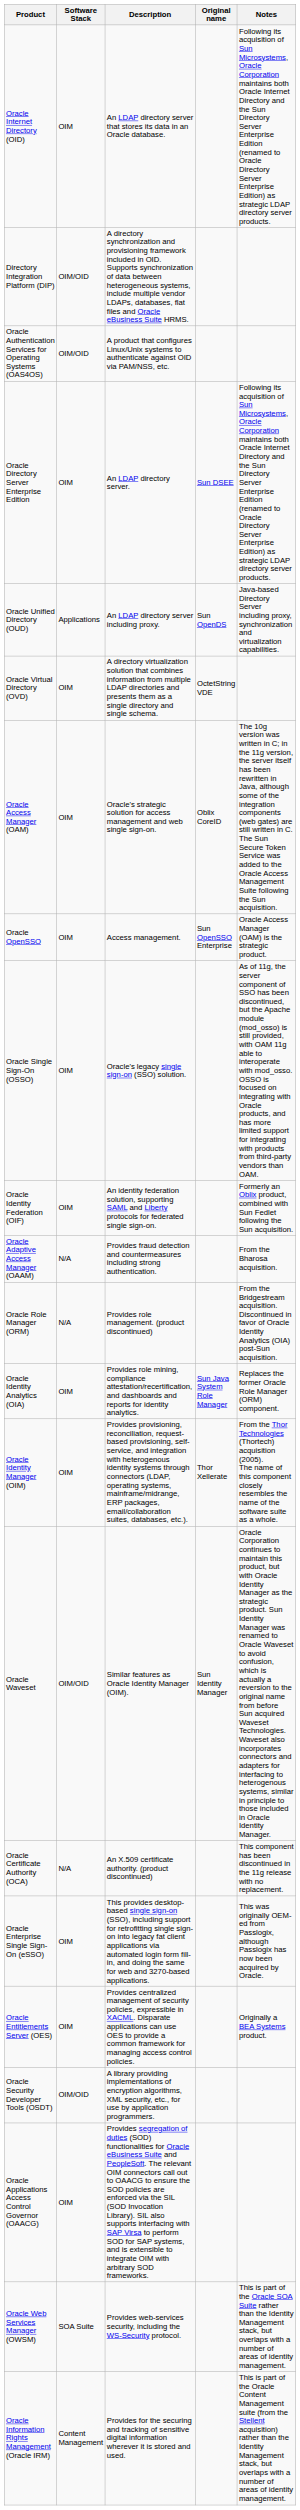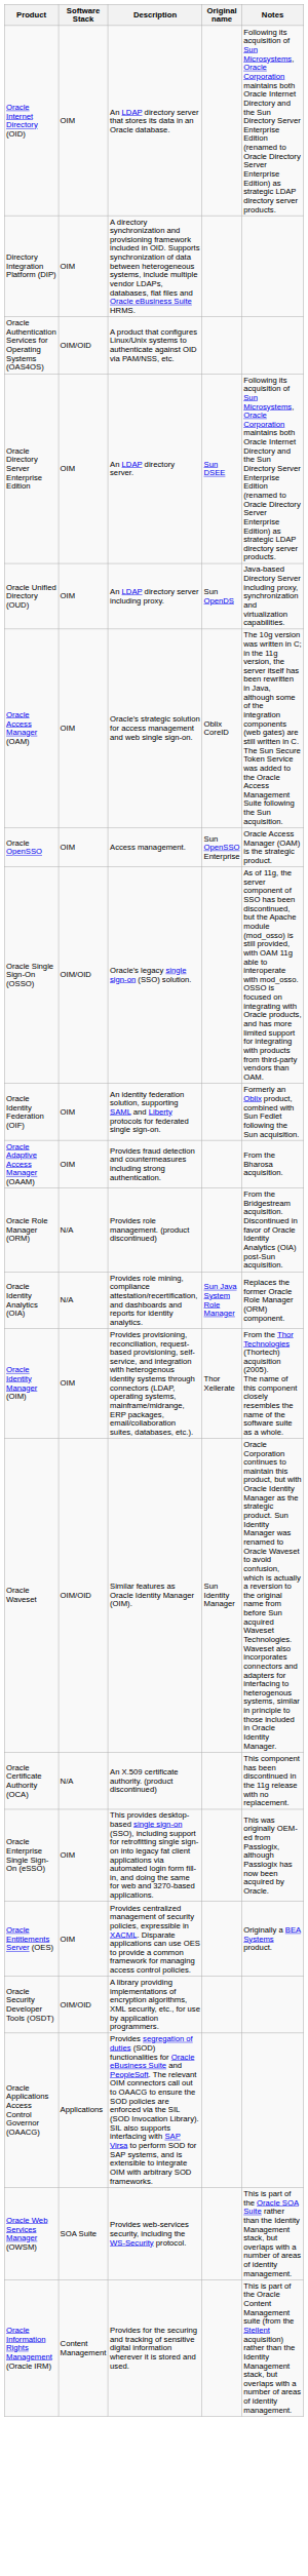 <table class="wikitable">
 <tr>
 <th>Product</th>
 <th>Software Stack</th>
 <th>Description</th>
 <th>Original name</th>
 <th>Notes</th>
 </tr>
 <tr>
 <td><a href='#'>Oracle Internet Directory</a> (OID)</td>
 <td>OIM</td>
 <td>An <a href='#'>LDAP</a> directory server that stores its data in an Oracle database.</td>
 <td></td>
 <td>Following its acquisition of <a href='#'>Sun Microsystems</a>, <a href='#'>Oracle Corporation</a> maintains both Oracle Internet Directory and the Sun Directory Server Enterprise Edition (renamed to Oracle Directory Server Enterprise Edition) as strategic LDAP directory server products.</td>
 </tr>
 <tr>
 <td>Directory Integration Platform (DIP)</td>
-<td>OIM/OID</td>
+<td>OIM</td>
 <td>A directory synchronization and provisioning framework included in OID. Supports synchronization of data between heterogeneous systems, include multiple vendor LDAPs, databases, flat files and <a href='#'>Oracle eBusiness Suite</a> HRMS.</td>
 <td></td>
 <td></td>
 </tr>
 <tr>
 <td>Oracle Authentication Services for Operating Systems (OAS4OS)</td>
 <td>OIM/OID</td>
 <td>A product that configures Linux/Unix systems to authenticate against OID via PAM/NSS, etc.</td>
 <td></td>
 <td></td>
 </tr>
 <tr>
 <td>Oracle Directory Server Enterprise Edition</td>
 <td>OIM</td>
 <td>An <a href='#'>LDAP</a> directory server.</td>
 <td><a href='#'>Sun DSEE</a></td>
 <td>Following its acquisition of <a href='#'>Sun Microsystems</a>, <a href='#'>Oracle Corporation</a> maintains both Oracle Internet Directory and the Sun Directory Server Enterprise Edition (renamed to Oracle Directory Server Enterprise Edition) as strategic LDAP directory server products.</td>
 </tr>
 <tr>
 <td>Oracle Unified Directory (OUD)</td>
-<td>Applications</td>
+<td>OIM</td>
 <td>An <a href='#'>LDAP</a> directory server including proxy.</td>
 <td>Sun <a href='#'>OpenDS</a></td>
 <td>Java-based Directory Server including proxy, synchronization and virtualization capabilities.</td>
-</tr>
-<tr>
-<td>Oracle Virtual Directory (OVD)</td>
-<td>OIM</td>
-<td>A directory virtualization solution that combines information from multiple LDAP directories and presents them as a single directory and single schema.</td>
-<td>OctetString VDE</td>
-<td></td>
 </tr>
 <tr>
 <td><a href='#'>Oracle Access Manager</a> (OAM)</td>
 <td>OIM</td>
 <td>Oracle's strategic solution for access management and web single sign-on.</td>
 <td>Oblix CoreID</td>
 <td>The 10g version was written in C; in the 11g version, the server itself has been rewritten in Java, although some of the integration components (web gates) are still written in C.  The Sun Secure Token Service was added to the Oracle Access Management Suite following the Sun acquisition.</td>
 </tr>
 <tr>
 <td>Oracle <a href='#'>OpenSSO</a></td>
 <td>OIM</td>
 <td>Access management.</td>
 <td>Sun <a href='#'>OpenSSO</a> Enterprise</td>
 <td>Oracle Access Manager (OAM) is the strategic product.</td>
 </tr>
 <tr>
 <td>Oracle Single Sign-On (OSSO)</td>
-<td>OIM</td>
+<td>OIM/OID</td>
 <td>Oracle's legacy <a href='#'>single sign-on</a> (SSO) solution.</td>
 <td></td>
 <td>As of 11g, the server component of SSO has been discontinued, but the Apache module (mod_osso) is still provided, with OAM 11g able to interoperate with mod_osso. OSSO is focused on integrating with Oracle products, and has more limited support for integrating with products from third-party vendors than OAM.</td>
 </tr>
 <tr>
 <td>Oracle Identity Federation (OIF)</td>
 <td>OIM</td>
 <td>An identity federation solution, supporting <a href='#'>SAML</a> and <a href='#'>Liberty</a> protocols for federated single sign-on.</td>
 <td></td>
 <td>Formerly an <a href='#'>Oblix</a> product, combined with Sun Fedlet following the Sun acquisition.</td>
 </tr>
 <tr>
 <td><a href='#'>Oracle Adaptive Access Manager</a> (OAAM)</td>
-<td>N/A</td>
+<td>OIM</td>
 <td>Provides fraud detection and countermeasures including strong authentication.</td>
 <td></td>
 <td>From the Bharosa acquisition.</td>
 </tr>
 <tr>
 <td>Oracle Role Manager (ORM)</td>
 <td>N/A</td>
 <td>Provides role management. (product discontinued)</td>
 <td></td>
 <td>From the Bridgestream acquisition. Discontinued in favor of Oracle Identity Analytics (OIA) post-Sun acquisition.</td>
 </tr>
 <tr>
 <td>Oracle Identity Analytics (OIA)</td>
-<td>OIM</td>
+<td>N/A</td>
 <td>Provides role mining, compliance attestation/recertification, and dashboards and reports for identity analytics.</td>
 <td><a href='#'>Sun Java System Role Manager</a></td>
 <td>Replaces the former Oracle Role Manager (ORM) component.</td>
 </tr>
 <tr>
 <td><a href='#'>Oracle Identity Manager</a> (OIM)</td>
 <td>OIM</td>
 <td>Provides provisioning, reconciliation, request-based provisioning, self-service, and integration with heterogenous identity systems through connectors (LDAP, operating systems, mainframe/midrange, ERP packages, email/collaboration suites, databases, etc.).</td>
 <td>Thor Xellerate</td>
 <td>From the <a href='#'>Thor Technologies</a> (Thortech) acquisition (2005).<br>The name of this component closely resembles the name of the software suite as a whole.</td>
 </tr>
 <tr>
 <td>Oracle Waveset</td>
 <td>OIM/OID</td>
 <td>Similar features as Oracle Identity Manager (OIM).</td>
 <td>Sun Identity Manager</td>
 <td>Oracle Corporation continues to maintain this product, but with Oracle Identity Manager as the strategic product. Sun Identity Manager was renamed to Oracle Waveset to avoid confusion, which is actually a reversion to the original name from before Sun acquired Waveset Technologies. Waveset also incorporates connectors and adapters for interfacing to heterogenous systems, similar in principle to those included in Oracle Identity Manager.</td>
 </tr>
 <tr>
 <td>Oracle Certificate Authority (OCA)</td>
 <td>N/A</td>
 <td>An X.509 certificate authority. (product discontinued)</td>
 <td></td>
 <td>This component has been discontinued in the 11g release with no replacement.</td>
 </tr>
 <tr>
 <td>Oracle Enterprise Single Sign-On (eSSO)</td>
 <td>OIM</td>
 <td>This provides desktop-based <a href='#'>single sign-on</a> (SSO), including support for retrofitting single sign-on into legacy fat client applications via automated login form fill-in, and doing the same for web and 3270-based applications.</td>
 <td></td>
 <td>This was originally OEM-ed from Passlogix, although Passlogix has now been acquired by Oracle.</td>
 </tr>
 <tr>
 <td><a href='#'>Oracle Entitlements Server</a> (OES)</td>
 <td>OIM</td>
 <td>Provides centralized management of security policies, expressible in <a href='#'>XACML</a>. Disparate applications can use OES to provide a common framework for managing access control policies.</td>
 <td></td>
 <td>Originally a <a href='#'>BEA Systems</a> product.</td>
 </tr>
 <tr>
 <td>Oracle Security Developer Tools (OSDT)</td>
 <td>OIM/OID</td>
 <td>A library providing implementations of encryption algorithms, XML security, etc., for use by application programmers.</td>
 <td></td>
 <td></td>
 </tr>
 <tr>
 <td>Oracle Applications Access Control Governor (OAACG)</td>
-<td>OIM</td>
+<td>Applications</td>
 <td>Provides <a href='#'>segregation of duties</a> (SOD) functionalities for <a href='#'>Oracle eBusiness Suite</a> and <a href='#'>PeopleSoft</a>. The relevant OIM connectors call out to OAACG to ensure the SOD policies are enforced via the SIL (SOD Invocation Library). SIL also supports interfacing with <a href='#'>SAP Virsa</a> to perform SOD for SAP systems, and is extensible to integrate OIM with arbitrary SOD frameworks.</td>
 <td></td>
 <td></td>
 </tr>
 <tr>
 <td><a href='#'>Oracle Web Services Manager</a> (OWSM)</td>
 <td>SOA Suite</td>
 <td>Provides web-services security, including the <a href='#'>WS-Security</a> protocol.</td>
 <td></td>
 <td>This is part of the <a href='#'>Oracle SOA Suite</a> rather than the Identity Management stack, but overlaps with a number of areas of identity management.</td>
 </tr>
 <tr>
 <td><a href='#'>Oracle Information Rights Management</a> (Oracle IRM)</td>
 <td>Content Management</td>
 <td>Provides for the securing and tracking of sensitive digital information wherever it is stored and used.</td>
 <td></td>
 <td>This is part of the Oracle Content Management suite (from the <a href='#'>Stellent</a> acquisition) rather than the Identity Management stack, but overlaps with a number of areas of identity management.</td>
 </tr>
 </table>
